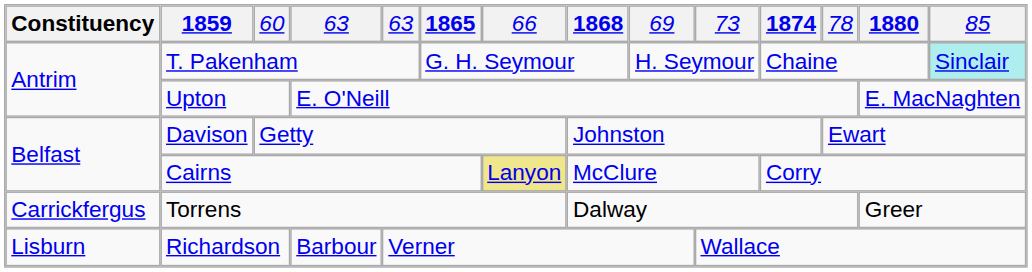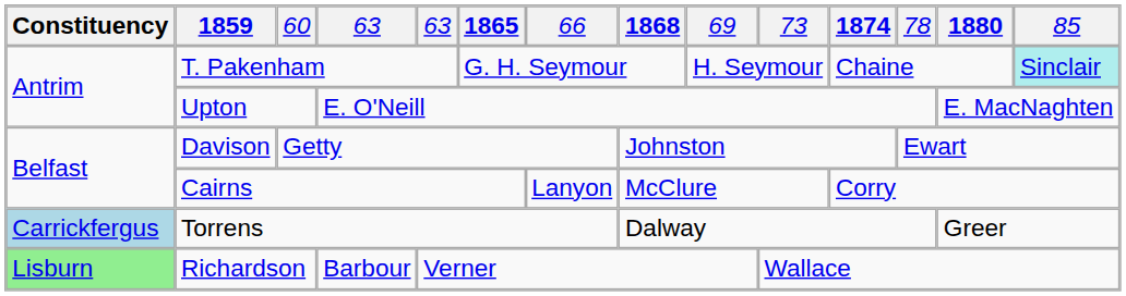 <table class="wikitable" style="border-collapse: separate; border-spacing: 0;">
 <tr>
 <th>Constituency</th>
 <th><a href='#'>1859</a></th>
 <th style="font-weight: normal;"><em><a href='#'>60</a></em></th>
 <th style="font-weight: normal;"><em><a href='#'>63</a></em></th>
 <th style="font-weight: normal;"><em><a href='#'>63</a></em></th>
 <th><a href='#'>1865</a></th>
 <th style="font-weight: normal;"><em><a href='#'>66</a></em></th>
 <th><a href='#'>1868</a></th>
 <th style="font-weight: normal;"><em><a href='#'>69</a></em></th>
 <th style="font-weight: normal;"><em><a href='#'>73</a></em></th>
 <th><a href='#'>1874</a></th>
 <th style="font-weight: normal;"><em><a href='#'>78</a></em></th>
 <th><a href='#'>1880</a></th>
 <th style="font-weight: normal;"><em><a href='#'>85</a></em></th>
 </tr>
 <tr>
 <td rowspan="2"><a href='#'>Antrim</a></td>
 <td colspan="4"><a href='#'>T. Pakenham</a></td>
 <td colspan="3"><a href='#'>G. H. Seymour</a></td>
 <td colspan="2"><a href='#'>H. Seymour</a></td>
 <td colspan="3"><a href='#'>Chaine</a></td>
 <td style="background: paleturquoise;"><a href='#'>Sinclair</a></td>
 </tr>
 <tr>
 <td colspan="2"><a href='#'>Upton</a></td>
 <td colspan="9"><a href='#'>E. O'Neill</a></td>
 <td colspan="2"><a href='#'>E. MacNaghten</a></td>
 </tr>
 <tr>
 <td rowspan="2"><a href='#'>Belfast</a></td>
 <td><a href='#'>Davison</a></td>
 <td colspan="5"><a href='#'>Getty</a></td>
 <td colspan="4"><a href='#'>Johnston</a></td>
 <td colspan="3"><a href='#'>Ewart</a></td>
 </tr>
 <tr>
 <td colspan="5"><a href='#'>Cairns</a></td>
-<td style="background: khaki;"><a href='#'>Lanyon</a></td>
+<td><a href='#'>Lanyon</a></td>
 <td colspan="3"><a href='#'>McClure</a></td>
 <td colspan="4"><a href='#'>Corry</a></td>
 </tr>
 <tr>
-<td><a href='#'>Carrickfergus</a></td>
+<td style="background: lightblue;"><a href='#'>Carrickfergus</a></td>
 <td colspan="6">Torrens</td>
 <td colspan="5">Dalway</td>
 <td colspan="2">Greer</td>
 </tr>
 <tr>
-<td><a href='#'>Lisburn</a></td>
+<td style="background: lightgreen;"><a href='#'>Lisburn</a></td>
 <td colspan="2"><a href='#'>Richardson</a></td>
 <td><a href='#'>Barbour</a></td>
 <td colspan="5"><a href='#'>Verner</a></td>
 <td colspan="5"><a href='#'>Wallace</a></td>
 </tr>
 </table>
